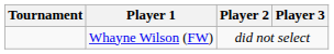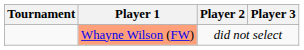 <table class="wikitable">
 <tr>
 <th>Tournament</th>
 <th>Player 1</th>
 <th>Player 2</th>
 <th>Player 3</th>
 </tr>
 <tr>
 <td></td>
-<td><a href='#'>Whayne Wilson</a> (<a href='#'>FW</a>)</td>
+<td style="background: lightsalmon;"><a href='#'>Whayne Wilson</a> (<a href='#'>FW</a>)</td>
 <td colspan="2" align="center"><em>did not select</em></td>
 </tr>
 </table>
